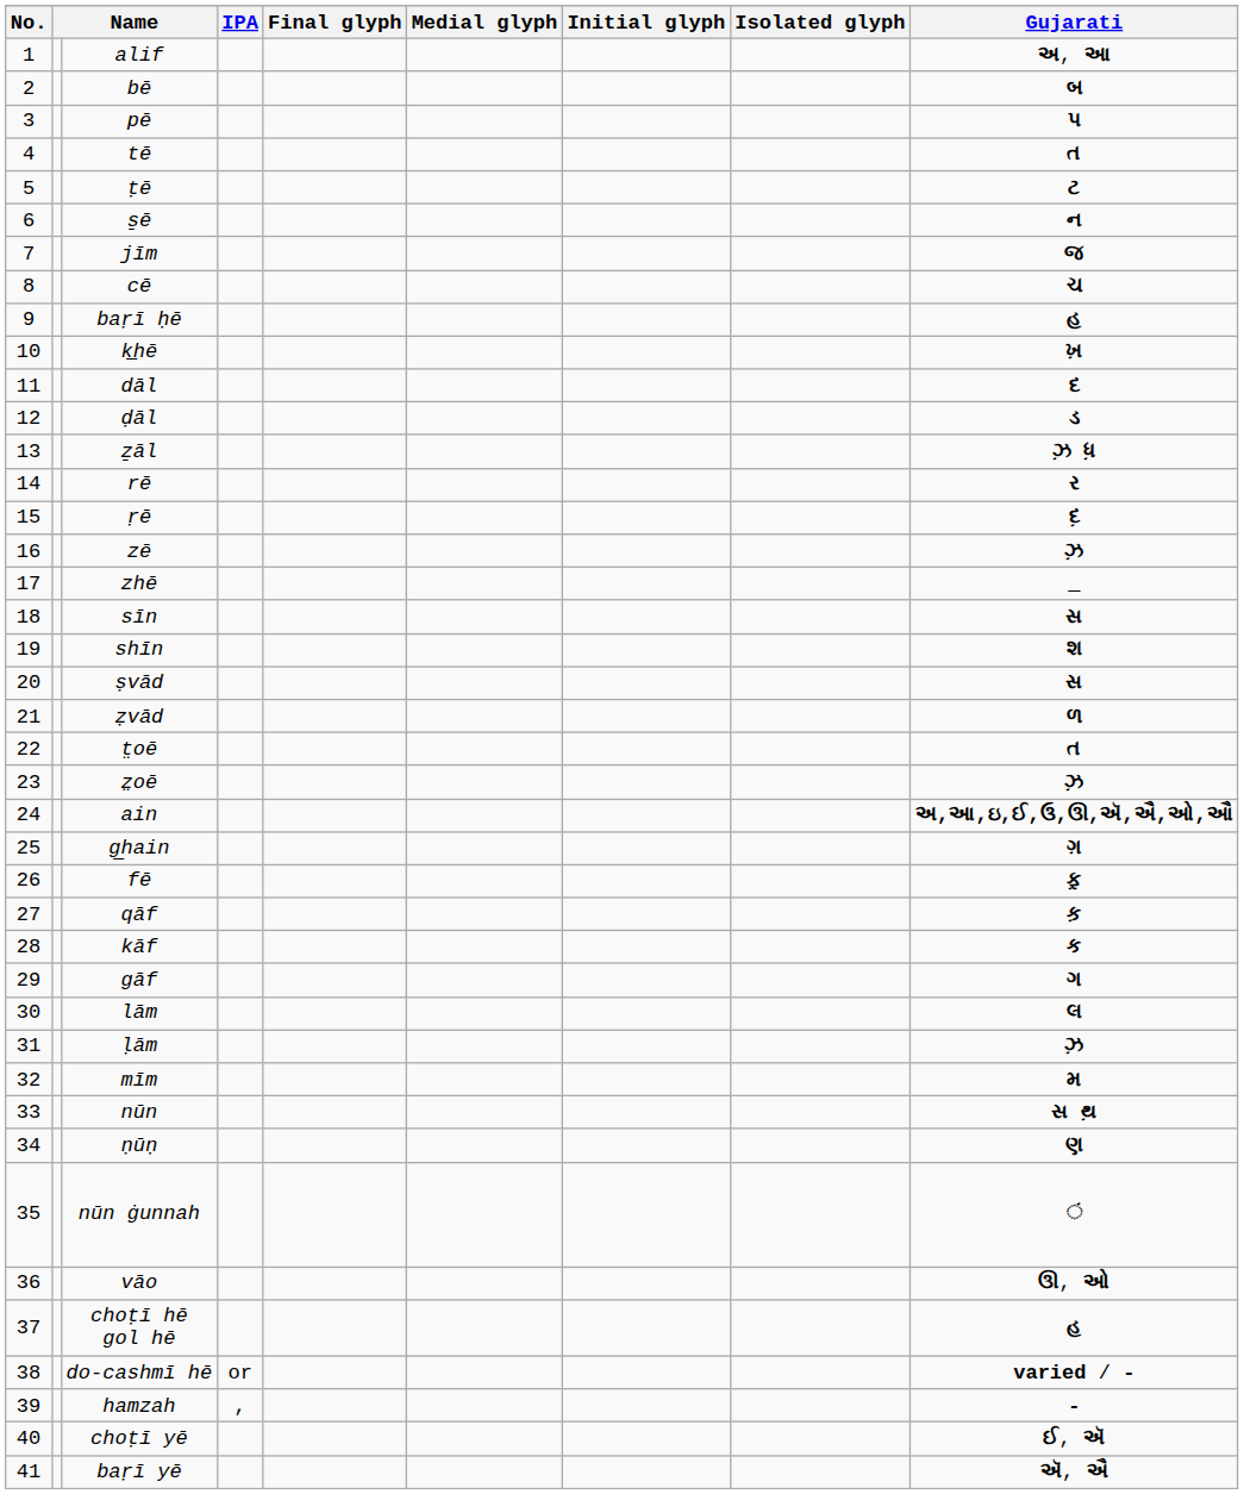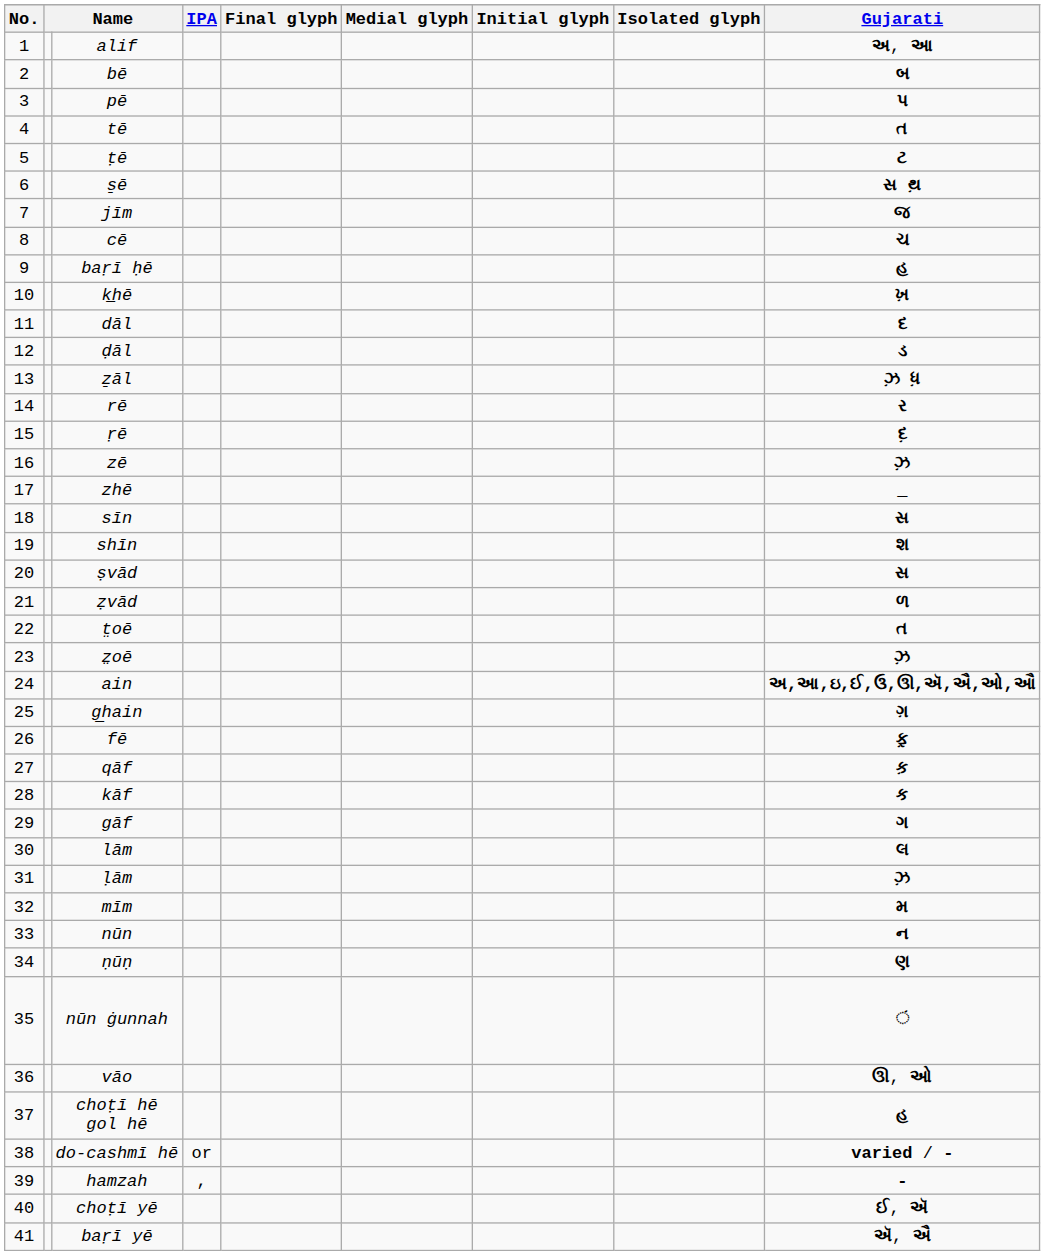 <table class="wikitable" style=text-align:center>
 <tr>
 </tr>
 <tr>
 <th>No.</th>
 <th colspan="2">Name</th>
 <th><a href='#'>IPA</a></th>
 <th>Final glyph</th>
 <th>Medial glyph</th>
 <th>Initial glyph</th>
 <th>Isolated glyph</th>
 <th><a href='#'>Gujarati</a></th>
 </tr>
 <tr>
 <td>1</td>
 <td></td>
 <td><em>alif</em></td>
 <td></td>
 <td></td>
 <td></td>
 <td></td>
 <td style="height:150%;padding:10px;font-size: 160%;"></td>
 <td><strong>અ</strong>, <strong>આ</strong> </td>
 </tr>
 <tr>
 <td>2</td>
 <td></td>
 <td><em>bē</em></td>
 <td></td>
 <td></td>
 <td></td>
 <td></td>
 <td style="height:150%;padding:10px;font-size: 160%;"></td>
 <td><strong>બ</strong></td>
 </tr>
 <tr>
 <td>3</td>
 <td></td>
 <td><em>pē</em></td>
 <td></td>
 <td></td>
 <td></td>
 <td></td>
 <td style="height:150%;padding:10px;font-size: 160%;"></td>
 <td><strong>પ</strong></td>
 </tr>
 <tr>
 <td>4</td>
 <td></td>
 <td><em>tē</em></td>
 <td></td>
 <td></td>
 <td></td>
 <td></td>
 <td style="height:150%;padding:10px;font-size: 160%;"></td>
 <td><strong>ત</strong></td>
 </tr>
 <tr>
 <td>5</td>
 <td></td>
 <td><em>ṭē</em></td>
 <td></td>
 <td></td>
 <td></td>
 <td></td>
 <td style="height:150%;padding:10px;font-size: 160%;"></td>
 <td><strong>ટ </strong></td>
 </tr>
 <tr>
 <td>6</td>
 <td></td>
 <td><em>s̱ē</em></td>
 <td></td>
 <td></td>
 <td></td>
 <td></td>
 <td style="height:150%;padding:10px;font-size: 160%;"></td>
-<td><strong>ન</strong></td>
+<td><strong>સ</strong> <strong>થ઼</strong></td>
 </tr>
 <tr>
 <td>7</td>
 <td></td>
 <td><em>jīm</em></td>
 <td></td>
 <td></td>
 <td></td>
 <td></td>
 <td style="height:150%;padding:10px;font-size: 160%;"></td>
 <td><strong>જ</strong></td>
 </tr>
 <tr>
 <td>8</td>
 <td></td>
 <td><em>cē</em></td>
 <td></td>
 <td></td>
 <td></td>
 <td></td>
 <td style="height:150%;padding:10px;font-size: 160%;"></td>
 <td><strong>ચ</strong></td>
 </tr>
 <tr>
 <td>9</td>
 <td></td>
 <td><em>baṛī ḥē</em></td>
 <td></td>
 <td></td>
 <td></td>
 <td></td>
 <td style="height:150%;padding:10px;font-size: 160%;"></td>
 <td><strong>હ</strong></td>
 </tr>
 <tr>
 <td>10</td>
 <td></td>
 <td><em>k͟hē</em></td>
 <td></td>
 <td></td>
 <td></td>
 <td></td>
 <td style="height:150%;padding:10px;font-size: 160%;"></td>
 <td><strong>ખ઼</strong></td>
 </tr>
 <tr>
 <td>11</td>
 <td></td>
 <td><em>dāl</em></td>
 <td></td>
 <td></td>
 <td></td>
 <td></td>
 <td style="height:150%;padding:10px;font-size: 160%;"></td>
 <td><strong>દ</strong></td>
 </tr>
 <tr>
 <td>12</td>
 <td></td>
 <td><em>ḍāl</em></td>
 <td></td>
 <td></td>
 <td></td>
 <td></td>
 <td style="height:150%;padding:10px;font-size: 160%;"></td>
 <td><strong>ડ </strong></td>
 </tr>
 <tr>
 <td>13</td>
 <td></td>
 <td><em>ẕāl</em></td>
 <td></td>
 <td></td>
 <td></td>
 <td></td>
 <td style="height:150%;padding:10px;font-size: 160%;"></td>
 <td><strong>ઝ઼</strong> <strong>ધ઼</strong></td>
 </tr>
 <tr>
 <td>14</td>
 <td></td>
 <td><em>rē</em></td>
 <td></td>
 <td></td>
 <td></td>
 <td></td>
 <td style="height:150%;padding:10px;font-size: 160%;"></td>
 <td><strong>ર</strong></td>
 </tr>
 <tr>
 <td>15</td>
 <td></td>
 <td><em>ṛē</em></td>
 <td></td>
 <td></td>
 <td></td>
 <td></td>
 <td style="height:150%;padding:10px;font-size: 160%;"></td>
 <td><strong>દ઼</strong></td>
 </tr>
 <tr>
 <td>16</td>
 <td></td>
 <td><em>zē</em></td>
 <td></td>
 <td></td>
 <td></td>
 <td></td>
 <td style="height:150%;padding:10px;font-size: 160%;"></td>
 <td><strong>ઝ઼</strong></td>
 </tr>
 <tr>
 <td>17</td>
 <td></td>
 <td><em>zhē</em></td>
 <td></td>
 <td></td>
 <td></td>
 <td></td>
 <td style="height:150%;padding:10px;font-size: 160%;"></td>
 <td><strong>_</strong></td>
 </tr>
 <tr>
 <td>18</td>
 <td></td>
 <td><em>sīn</em></td>
 <td></td>
 <td></td>
 <td></td>
 <td></td>
 <td style="height:150%;padding:10px;font-size: 160%;"></td>
 <td><strong>સ</strong></td>
 </tr>
 <tr>
 <td>19</td>
 <td></td>
 <td><em>shīn</em></td>
 <td></td>
 <td></td>
 <td></td>
 <td></td>
 <td style="height:150%;padding:10px;font-size: 160%;"></td>
 <td><strong>શ</strong></td>
 </tr>
 <tr>
 <td>20</td>
 <td></td>
 <td><em>ṣvād</em></td>
 <td></td>
 <td></td>
 <td></td>
 <td></td>
 <td style="height:150%;padding:10px;font-size: 160%;"></td>
 <td><strong>સ</strong></td>
 </tr>
 <tr>
 <td>21</td>
 <td></td>
 <td><em>ẓvād</em></td>
 <td></td>
 <td></td>
 <td></td>
 <td></td>
 <td style="height:150%;padding:10px;font-size: 160%;"></td>
 <td><strong>ળ </strong></td>
 </tr>
 <tr>
 <td>22</td>
 <td></td>
 <td><em>t̤oē</em></td>
 <td></td>
 <td></td>
 <td></td>
 <td></td>
 <td style="height:150%;padding:10px;font-size: 160%;"></td>
 <td><strong>ત</strong></td>
 </tr>
 <tr>
 <td>23</td>
 <td></td>
 <td><em>z̤oē</em></td>
 <td></td>
 <td></td>
 <td></td>
 <td></td>
 <td style="height:150%;padding:10px;font-size: 160%;"></td>
 <td><strong>ઝ઼</strong></td>
 </tr>
 <tr>
 <td>24</td>
 <td></td>
 <td><em>ain</em></td>
 <td></td>
 <td></td>
 <td></td>
 <td></td>
 <td style="height:150%;padding:10px;font-size: 160%;"></td>
 <td><strong>અ,આ,ઇ,ઈ,ઉ,ઊ,ઍ,ઐ,ઓ,ઔ</strong></td>
 </tr>
 <tr>
 <td>25</td>
 <td></td>
 <td><em>g͟hain</em></td>
 <td></td>
 <td></td>
 <td></td>
 <td></td>
 <td style="height:150%;padding:10px;font-size: 160%;"></td>
 <td><strong>ગ઼</strong></td>
 </tr>
 <tr>
 <td>26</td>
 <td></td>
 <td><em>fē</em></td>
 <td></td>
 <td></td>
 <td></td>
 <td></td>
 <td style="height:150%;padding:10px;font-size: 160%;"></td>
 <td><strong>ફ઼</strong></td>
 </tr>
 <tr>
 <td>27</td>
 <td></td>
 <td><em>qāf</em></td>
 <td></td>
 <td></td>
 <td></td>
 <td></td>
 <td style="height:150%;padding:10px;font-size: 160%;"></td>
 <td><strong>ક઼</strong></td>
 </tr>
 <tr>
 <td>28</td>
 <td></td>
 <td><em>kāf</em></td>
 <td></td>
 <td></td>
 <td></td>
 <td></td>
 <td style="height:150%;padding:10px;font-size: 160%;"></td>
 <td><strong>ક</strong></td>
 </tr>
 <tr>
 <td>29</td>
 <td></td>
 <td><em>gāf</em></td>
 <td></td>
 <td></td>
 <td></td>
 <td></td>
 <td style="height:150%;padding:10px;font-size: 160%;"></td>
 <td><strong>ગ</strong></td>
 </tr>
 <tr>
 <td>30</td>
 <td></td>
 <td><em>lām</em></td>
 <td></td>
 <td></td>
 <td></td>
 <td></td>
 <td style="height:150%;padding:10px;font-size: 160%;"></td>
 <td><strong>લ</strong></td>
 </tr>
 <tr>
 <td>31</td>
 <td></td>
 <td><em>ḷām</em></td>
 <td></td>
 <td></td>
 <td></td>
 <td></td>
 <td style="height:150%;padding:10px;font-size: 160%;"></td>
 <td><strong>ઝ઼</strong></td>
 </tr>
 <tr>
 <td>32</td>
 <td></td>
 <td><em>mīm</em></td>
 <td></td>
 <td></td>
 <td></td>
 <td></td>
 <td style="height:150%;padding:10px;font-size: 160%;"></td>
 <td><strong>મ</strong></td>
 </tr>
 <tr>
 <td>33</td>
 <td></td>
 <td><em>nūn</em></td>
 <td></td>
 <td></td>
 <td></td>
 <td></td>
 <td style="height:150%;padding:10px;font-size: 160%;"></td>
-<td><strong>સ</strong> <strong>થ઼</strong></td>
+<td><strong>ન</strong></td>
 </tr>
 <tr>
 <td>34</td>
 <td></td>
 <td><em>ṇūṇ</em></td>
 <td></td>
 <td></td>
 <td></td>
 <td></td>
 <td style="height:150%;padding:10px;font-size: 160%;"></td>
 <td><strong>ણ</strong></td>
 </tr>
 <tr>
 <td>35</td>
 <td></td>
 <td><em>nūn ġunnah</em></td>
 <td></td>
 <td></td>
 <td></td>
 <td></td>
 <td style="height:150%;padding:10px;font-size: 160%;"><br> <br></td>
 <td><strong>ં</strong></td>
 </tr>
 <tr>
 <td>36</td>
 <td></td>
 <td><em>vāo</em></td>
 <td></td>
 <td></td>
 <td></td>
 <td></td>
 <td style="height:150%;padding:10px;font-size: 160%;"></td>
 <td><strong>ઊ</strong>, <strong>ઓ</strong></td>
 </tr>
 <tr>
 <td>37</td>
 <td><br></td>
 <td><em>choṭī hē</em><br><em>gol hē</em></td>
 <td></td>
 <td></td>
 <td></td>
 <td></td>
 <td style="height:150%;padding:10px;font-size: 160%;"></td>
 <td><strong>હ</strong></td>
 </tr>
 <tr>
 <td>38</td>
 <td></td>
 <td><em>do-cashmī hē</em></td>
 <td> or </td>
 <td></td>
 <td></td>
 <td></td>
 <td style="height:150%;padding:10px;font-size: 160%;"></td>
 <td><strong>varied</strong> / <strong>-</strong></td>
 </tr>
 <tr>
 <td>39</td>
 <td></td>
 <td><em>hamzah</em></td>
 <td>, </td>
 <td></td>
 <td></td>
 <td></td>
 <td style="height:150%;padding:10px;font-size: 160%;"></td>
 <td><strong>-</strong></td>
 </tr>
 <tr>
 <td>40</td>
 <td></td>
 <td><em>choṭī yē</em></td>
 <td></td>
 <td></td>
 <td></td>
 <td></td>
 <td style="height:150%;padding:10px;font-size: 160%;"></td>
 <td><strong>ઈ</strong>, <strong>ઍ</strong></td>
 </tr>
 <tr>
 <td>41</td>
 <td></td>
 <td><em>baṛī yē</em></td>
 <td></td>
 <td></td>
 <td></td>
 <td></td>
 <td style="height:150%;padding:10px;font-size: 160%;"></td>
 <td><strong>ઍ</strong>, <strong>ઐ</strong></td>
 </tr>
 </table>
